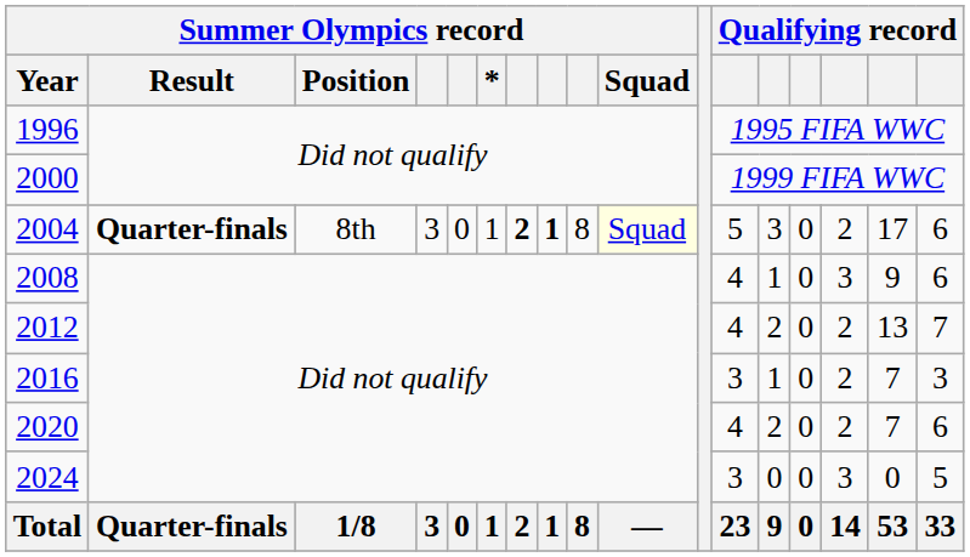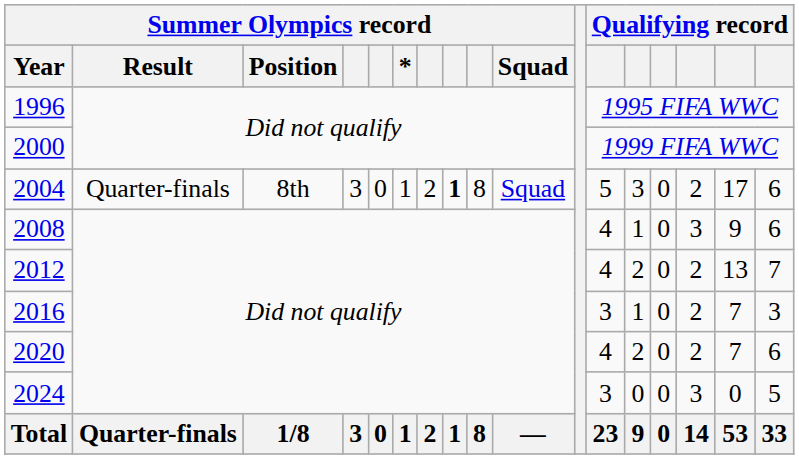 <table class="wikitable" style="text-align: center;">
 <tr>
 <th colspan=10><a href='#'>Summer Olympics</a> record</th>
 <th rowspan=11></th>
 <th colspan=6><a href='#'>Qualifying</a> record</th>
 </tr>
 <tr>
 <th>Year</th>
 <th>Result</th>
 <th>Position</th>
 <th></th>
 <th></th>
 <th>*</th>
 <th></th>
 <th></th>
 <th></th>
 <th>Squad</th>
 <th></th>
 <th></th>
 <th></th>
 <th></th>
 <th></th>
 <th></th>
 </tr>
 <tr>
 <td> <a href='#'>1996</a></td>
 <td colspan=9 rowspan=2><em>Did not qualify</em></td>
 <td colspan=7><em><a href='#'>1995 FIFA WWC</a></em></td>
 </tr>
 <tr>
 <td> <a href='#'>2000</a></td>
 <td colspan=7><em><a href='#'>1999 FIFA WWC</a></em></td>
 </tr>
 <tr>
 <td> <a href='#'>2004</a></td>
-<td><strong>Quarter-finals</strong></td>
+<td>Quarter-finals</td>
 <td>8th</td>
 <td>3</td>
 <td>0</td>
 <td>1</td>
-<td><strong>2</strong></td>
+<td>2</td>
 <td><strong>1</strong></td>
 <td>8</td>
-<td style="background: lightyellow;"><a href='#'>Squad</a></td>
+<td><a href='#'>Squad</a></td>
 <td>5</td>
 <td>3</td>
 <td>0</td>
 <td>2</td>
 <td>17</td>
 <td>6</td>
 </tr>
 <tr>
 <td> <a href='#'>2008</a></td>
 <td colspan=9 rowspan=5><em>Did not qualify</em></td>
 <td>4</td>
 <td>1</td>
 <td>0</td>
 <td>3</td>
 <td>9</td>
 <td>6</td>
 </tr>
 <tr>
 <td> <a href='#'>2012</a></td>
 <td>4</td>
 <td>2</td>
 <td>0</td>
 <td>2</td>
 <td>13</td>
 <td>7</td>
 </tr>
 <tr>
 <td> <a href='#'>2016</a></td>
 <td>3</td>
 <td>1</td>
 <td>0</td>
 <td>2</td>
 <td>7</td>
 <td>3</td>
 </tr>
 <tr>
 <td> <a href='#'>2020</a></td>
 <td>4</td>
 <td>2</td>
 <td>0</td>
 <td>2</td>
 <td>7</td>
 <td>6</td>
 </tr>
 <tr>
 <td> <a href='#'>2024</a></td>
 <td>3</td>
 <td>0</td>
 <td>0</td>
 <td>3</td>
 <td>0</td>
 <td>5</td>
 </tr>
 <tr>
 <th>Total</th>
 <th>Quarter-finals</th>
 <th>1/8</th>
 <th>3</th>
 <th>0</th>
 <th>1</th>
 <th>2</th>
 <th>1</th>
 <th>8</th>
 <th>—</th>
 <th>23</th>
 <th>9</th>
 <th>0</th>
 <th>14</th>
 <th>53</th>
 <th>33</th>
 </tr>
 </table>
